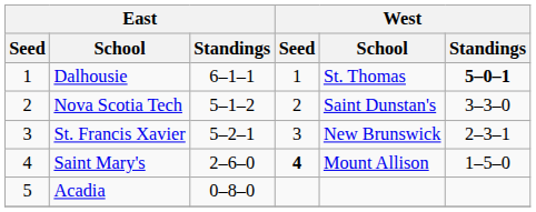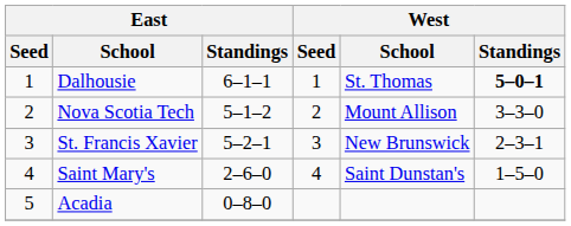 <table class="wikitable">
 <tr>
 <th colspan=3>East</th>
 <th colspan=3>West</th>
 </tr>
 <tr>
 <th>Seed</th>
 <th>School</th>
 <th>Standings</th>
 <th>Seed</th>
 <th>School</th>
 <th>Standings</th>
 </tr>
 <tr>
 <td align=center>1</td>
 <td><a href='#'>Dalhousie</a></td>
 <td align=center>6–1–1</td>
 <td align=center>1</td>
 <td><a href='#'>St. Thomas</a></td>
 <td align=center><strong>5–0–1</strong></td>
 </tr>
 <tr>
 <td align=center>2</td>
 <td><a href='#'>Nova Scotia Tech</a></td>
 <td align=center>5–1–2</td>
 <td align=center>2</td>
-<td><a href='#'>Saint Dunstan's</a></td>
+<td><a href='#'>Mount Allison</a></td>
 <td align=center>3–3–0</td>
 </tr>
 <tr>
 <td align=center>3</td>
 <td><a href='#'>St. Francis Xavier</a></td>
 <td align=center>5–2–1</td>
 <td align=center>3</td>
 <td><a href='#'>New Brunswick</a></td>
 <td align=center>2–3–1</td>
 </tr>
 <tr>
 <td align=center>4</td>
 <td><a href='#'>Saint Mary's</a></td>
 <td align=center>2–6–0</td>
-<td align=center><strong>4</strong></td>
-<td><a href='#'>Mount Allison</a></td>
+<td align=center>4</td>
+<td><a href='#'>Saint Dunstan's</a></td>
 <td align=center>1–5–0</td>
 </tr>
 <tr>
 <td align=center>5</td>
 <td><a href='#'>Acadia</a></td>
 <td align=center>0–8–0</td>
 <td></td>
 <td></td>
 <td></td>
 </tr>
 <tr>
 </tr>
 </table>
